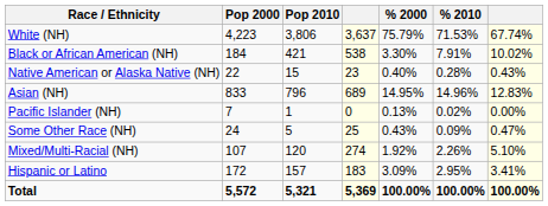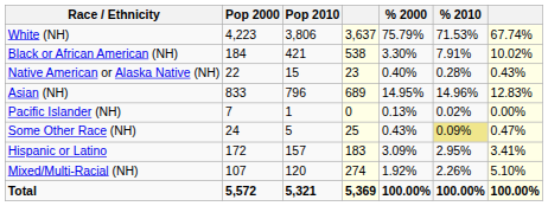 <table class="wikitable">
 <tr>
 <th>Race / Ethnicity</th>
 <th>Pop 2000</th>
 <th>Pop 2010</th>
 <th></th>
 <th>% 2000</th>
 <th>% 2010</th>
 <th></th>
 </tr>
 <tr>
 <td><a href='#'>White</a> (NH)</td>
 <td>4,223</td>
 <td>3,806</td>
 <td style='background: #ffffe6;'>3,637</td>
 <td>75.79%</td>
 <td>71.53%</td>
 <td style='background: #ffffe6;'>67.74%</td>
 </tr>
 <tr>
 <td><a href='#'>Black or African American</a> (NH)</td>
 <td>184</td>
 <td>421</td>
 <td style='background: #ffffe6;'>538</td>
 <td>3.30%</td>
 <td>7.91%</td>
 <td style='background: #ffffe6;'>10.02%</td>
 </tr>
 <tr>
 <td><a href='#'>Native American</a> or <a href='#'>Alaska Native</a> (NH)</td>
 <td>22</td>
 <td>15</td>
 <td style='background: #ffffe6;'>23</td>
 <td>0.40%</td>
 <td>0.28%</td>
 <td style='background: #ffffe6;'>0.43%</td>
 </tr>
 <tr>
 <td><a href='#'>Asian</a> (NH)</td>
 <td>833</td>
 <td>796</td>
 <td style='background: #ffffe6;'>689</td>
 <td>14.95%</td>
 <td>14.96%</td>
 <td style='background: #ffffe6;'>12.83%</td>
 </tr>
 <tr>
 <td><a href='#'>Pacific Islander</a> (NH)</td>
 <td>7</td>
 <td>1</td>
 <td style='background: #ffffe6;'>0</td>
 <td>0.13%</td>
 <td>0.02%</td>
 <td style='background: #ffffe6;'>0.00%</td>
 </tr>
 <tr>
 <td><a href='#'>Some Other Race</a> (NH)</td>
 <td>24</td>
 <td>5</td>
 <td style='background: #ffffe6;'>25</td>
 <td>0.43%</td>
-<td>0.09%</td>
+<td style="background: khaki;">0.09%</td>
 <td style='background: #ffffe6;'>0.47%</td>
+</tr>
+<tr>
+<td><a href='#'>Hispanic or Latino</a></td>
+<td>172</td>
+<td>157</td>
+<td style='background: #ffffe6;'>183</td>
+<td>3.09%</td>
+<td>2.95%</td>
+<td style='background: #ffffe6;'>3.41%</td>
 </tr>
 <tr>
 <td><a href='#'>Mixed/Multi-Racial</a> (NH)</td>
 <td>107</td>
 <td>120</td>
 <td style='background: #ffffe6;'>274</td>
 <td>1.92%</td>
 <td>2.26%</td>
 <td style='background: #ffffe6;'>5.10%</td>
 </tr>
 <tr>
-<td><a href='#'>Hispanic or Latino</a></td>
-<td>172</td>
-<td>157</td>
-<td style='background: #ffffe6;'>183</td>
-<td>3.09%</td>
-<td>2.95%</td>
-<td style='background: #ffffe6;'>3.41%</td>
-</tr>
-<tr>
 <td><strong>Total</strong></td>
 <td><strong>5,572</strong></td>
 <td><strong>5,321</strong></td>
 <td style='background: #ffffe6;'><strong>5,369</strong></td>
 <td><strong>100.00%</strong></td>
 <td><strong>100.00%</strong></td>
 <td style='background: #ffffe6;'><strong>100.00%</strong></td>
 </tr>
 </table>
